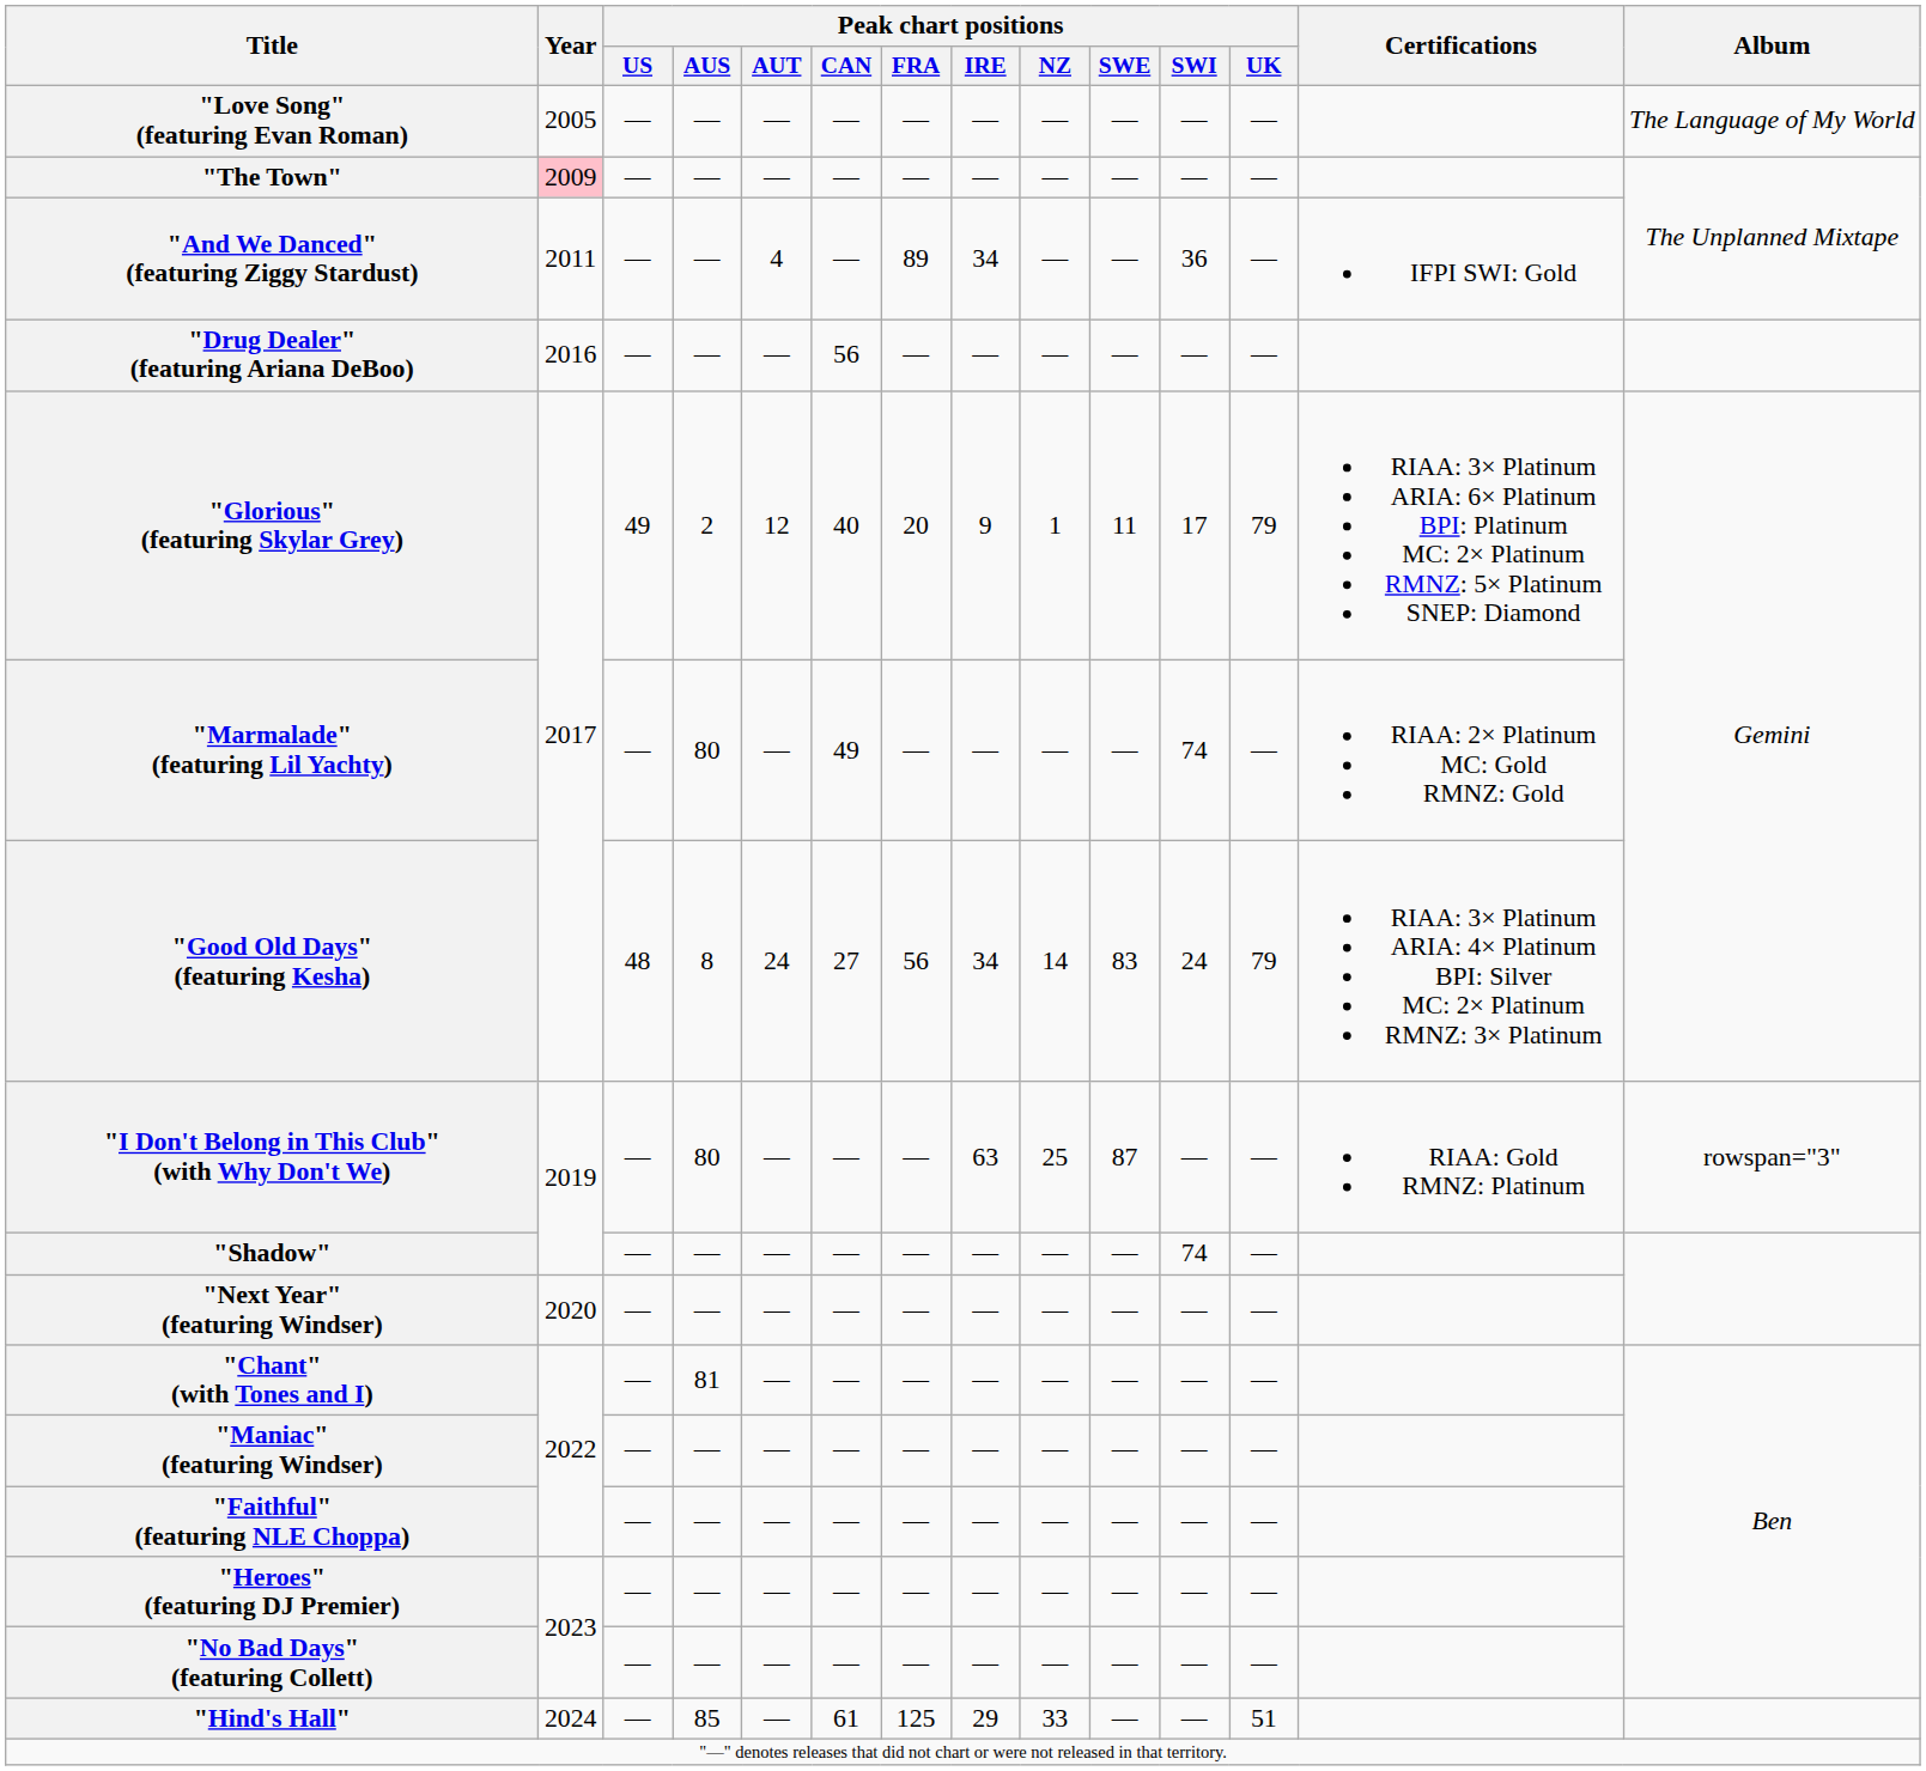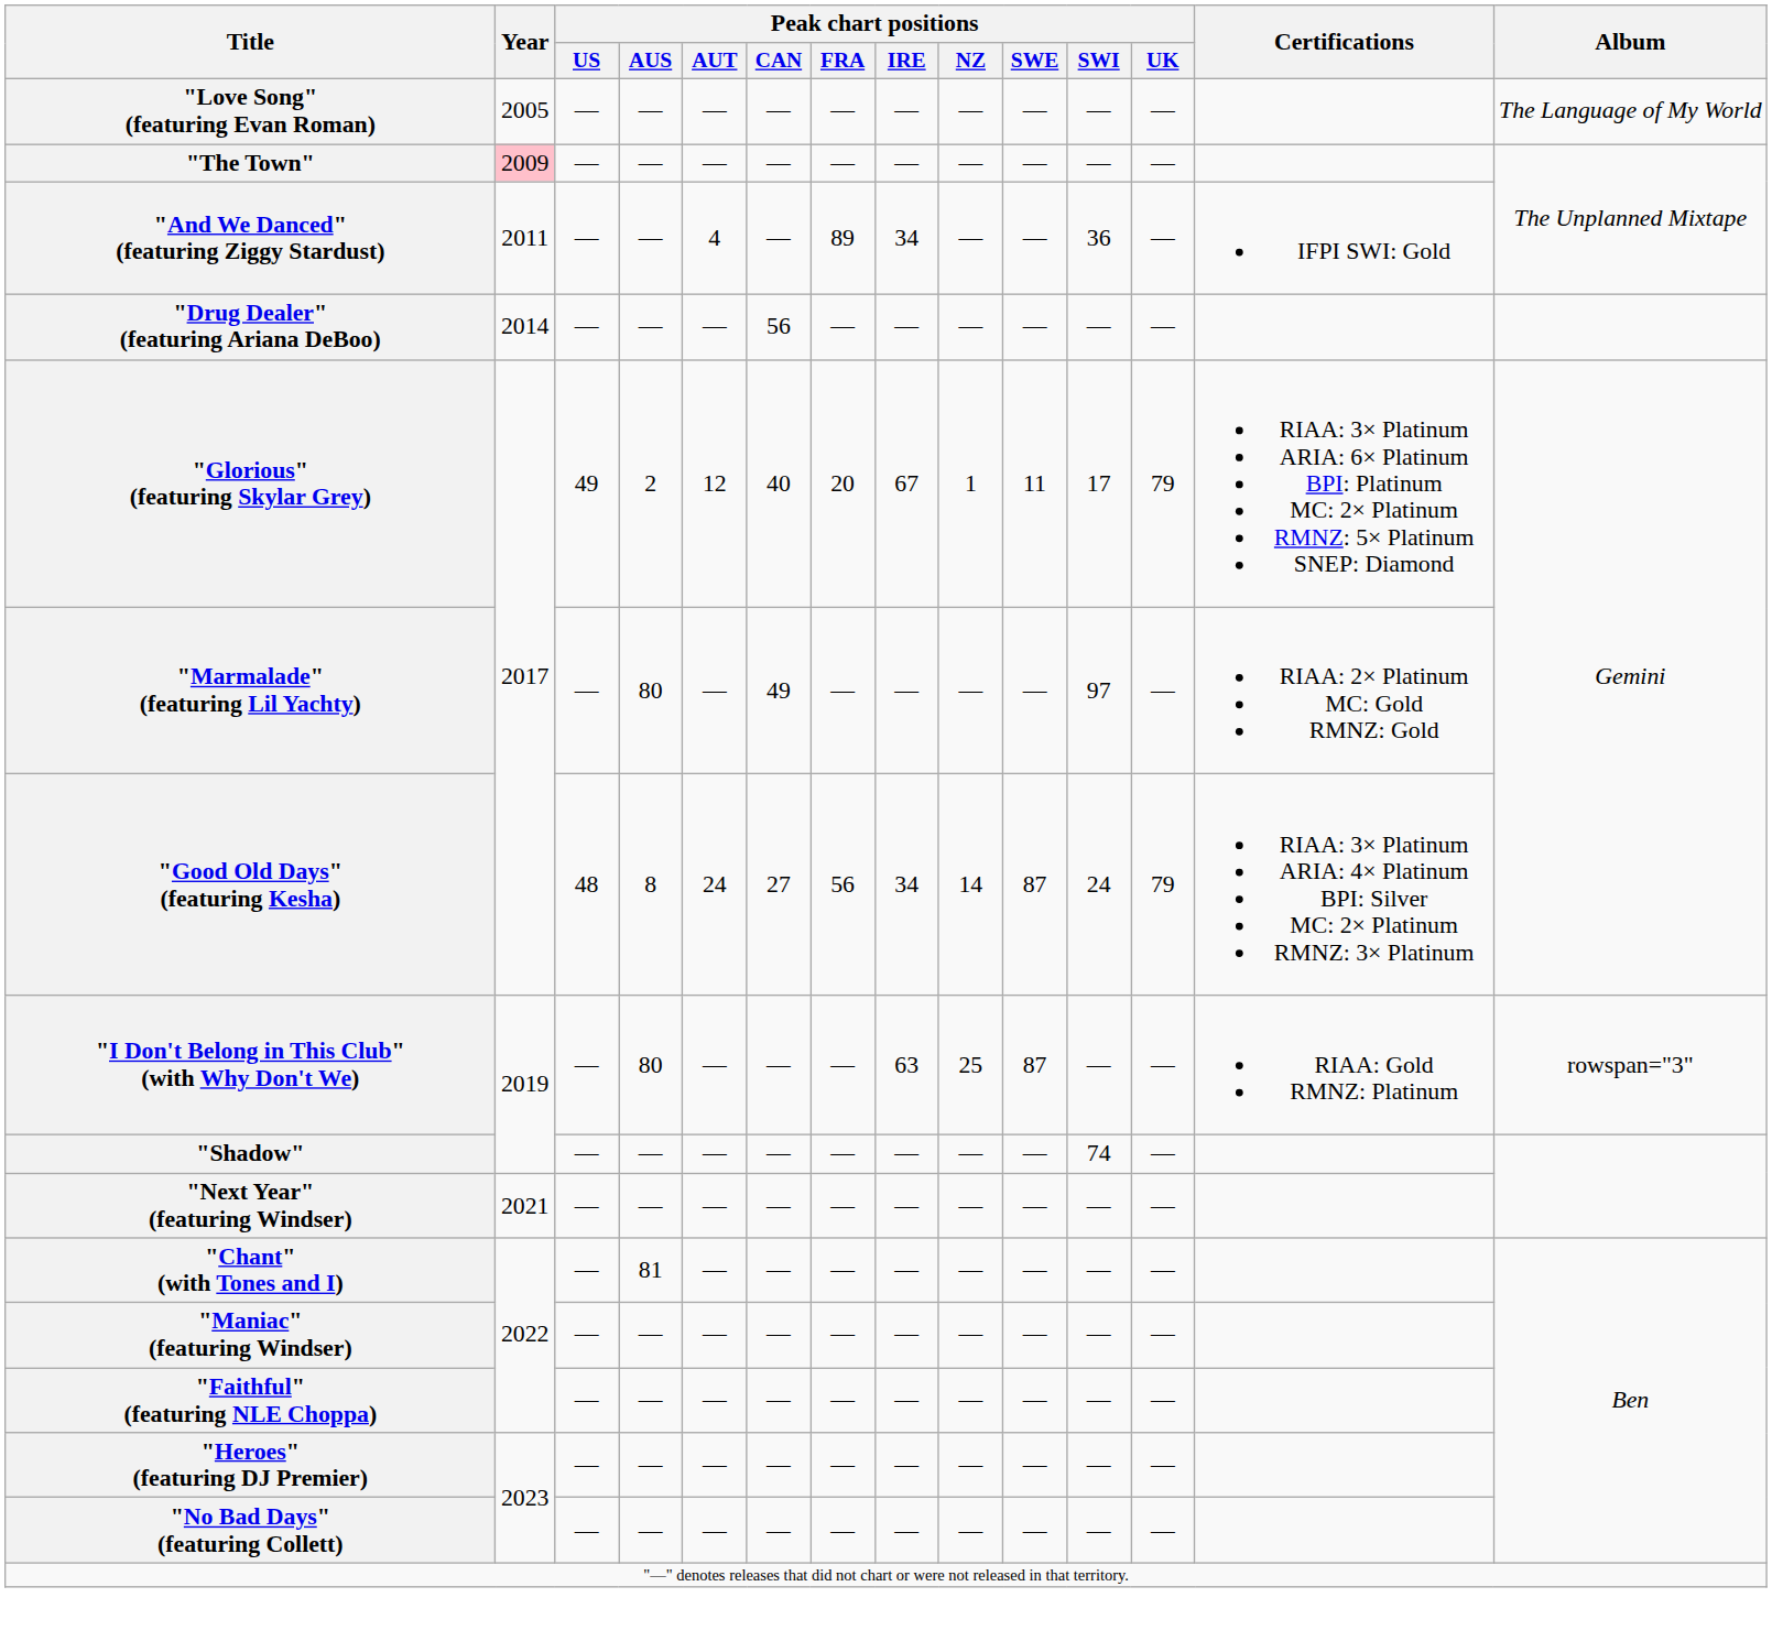 <table class="wikitable plainrowheaders" style="text-align:center;">
 <tr>
 <th scope="col" rowspan="2" style="width:20em;">Title</th>
 <th scope="col" rowspan="2">Year</th>
 <th scope="col" colspan="10">Peak chart positions</th>
 <th scope="col" rowspan="2" style="width:12em;">Certifications</th>
 <th scope="col" rowspan="2">Album</th>
 </tr>
 <tr>
 <th scope="col" style="width:2.5em;font-size:90%;"><a href='#'>US</a><br></th>
 <th scope="col" style="width:2.5em;font-size:90%;"><a href='#'>AUS</a><br></th>
 <th scope="col" style="width:2.5em;font-size:90%;"><a href='#'>AUT</a><br></th>
 <th scope="col" style="width:2.5em;font-size:90%;"><a href='#'>CAN</a><br></th>
 <th scope="col" style="width:2.5em;font-size:90%;"><a href='#'>FRA</a><br></th>
 <th scope="col" style="width:2.5em;font-size:90%;"><a href='#'>IRE</a><br></th>
 <th scope="col" style="width:2.5em;font-size:90%;"><a href='#'>NZ</a><br></th>
 <th scope="col" style="width:2.5em;font-size:90%;"><a href='#'>SWE</a><br></th>
 <th scope="col" style="width:2.5em;font-size:90%;"><a href='#'>SWI</a><br></th>
 <th scope="col" style="width:2.5em;font-size:90%;"><a href='#'>UK</a><br></th>
 </tr>
 <tr>
 <th scope="row">"Love Song"<br><span>(featuring Evan Roman)</span></th>
 <td>2005</td>
 <td>—</td>
 <td>—</td>
 <td>—</td>
 <td>—</td>
 <td>—</td>
 <td>—</td>
 <td>—</td>
 <td>—</td>
 <td>—</td>
 <td>—</td>
 <td></td>
 <td><em>The Language of My World</em></td>
 </tr>
 <tr>
 <th scope="row">"The Town"</th>
 <td style="background: pink;">2009</td>
 <td>—</td>
 <td>—</td>
 <td>—</td>
 <td>—</td>
 <td>—</td>
 <td>—</td>
 <td>—</td>
 <td>—</td>
 <td>—</td>
 <td>—</td>
 <td></td>
 <td rowspan="2"><em>The Unplanned Mixtape</em></td>
 </tr>
 <tr>
 <th scope="row">"<a href='#'>And We Danced</a>"<br><span>(featuring Ziggy Stardust)</span></th>
 <td>2011</td>
 <td>—</td>
 <td>—</td>
 <td>4</td>
 <td>—</td>
 <td>89</td>
 <td>34</td>
 <td>—</td>
 <td>—</td>
 <td>36</td>
 <td>—</td>
 <td><br><ul><li>IFPI SWI: Gold</li></ul></td>
 </tr>
 <tr>
 <th scope="row">"<a href='#'>Drug Dealer</a>"<br><span>(featuring Ariana DeBoo)</span></th>
-<td>2016</td>
+<td>2014</td>
 <td>—</td>
 <td>—</td>
 <td>—</td>
 <td>56</td>
 <td>—</td>
 <td>—</td>
 <td>—</td>
 <td>—</td>
 <td>—</td>
 <td>—</td>
 <td></td>
 <td></td>
 </tr>
 <tr>
 <th scope="row">"<a href='#'>Glorious</a>"<br><span>(featuring <a href='#'>Skylar Grey</a>)</span></th>
 <td rowspan="3">2017</td>
 <td>49</td>
 <td>2</td>
 <td>12</td>
 <td>40</td>
 <td>20</td>
-<td>9</td>
+<td>67</td>
 <td>1</td>
 <td>11</td>
 <td>17</td>
 <td>79</td>
 <td><br><ul><li>RIAA: 3× Platinum</li><li>ARIA: 6× Platinum</li><li><a href='#'>BPI</a>: Platinum</li><li>MC: 2× Platinum</li><li><a href='#'>RMNZ</a>: 5× Platinum</li><li>SNEP: Diamond</li></ul></td>
 <td rowspan="3"><em>Gemini</em></td>
 </tr>
 <tr>
 <th scope="row">"<a href='#'>Marmalade</a>"<br><span>(featuring <a href='#'>Lil Yachty</a>)</span></th>
 <td>—</td>
 <td>80</td>
 <td>—</td>
 <td>49</td>
 <td>—</td>
 <td>—</td>
 <td>—</td>
 <td>—</td>
-<td>74</td>
+<td>97</td>
 <td>—</td>
 <td><br><ul><li>RIAA: 2× Platinum</li><li>MC: Gold</li><li>RMNZ: Gold</li></ul></td>
 </tr>
 <tr>
 <th scope="row">"<a href='#'>Good Old Days</a>"<br><span>(featuring <a href='#'>Kesha</a>)</span></th>
 <td>48</td>
 <td>8</td>
 <td>24</td>
 <td>27</td>
 <td>56</td>
 <td>34</td>
 <td>14</td>
-<td>83</td>
+<td>87</td>
 <td>24</td>
 <td>79</td>
 <td><br><ul><li>RIAA: 3× Platinum</li><li>ARIA: 4× Platinum</li><li>BPI: Silver</li><li>MC: 2× Platinum</li><li>RMNZ: 3× Platinum</li></ul></td>
 </tr>
 <tr>
 <th scope="row">"<a href='#'>I Don't Belong in This Club</a>"<br><span>(with <a href='#'>Why Don't We</a>)</span></th>
 <td rowspan="2">2019</td>
 <td>—</td>
 <td>80</td>
 <td>—</td>
 <td>—</td>
 <td>—</td>
 <td>63</td>
 <td>25</td>
 <td>87</td>
 <td>—</td>
 <td>—</td>
 <td><br><ul><li>RIAA: Gold</li><li>RMNZ: Platinum</li></ul></td>
 <td>rowspan="3" </td>
 </tr>
 <tr>
 <th scope="row">"Shadow"<br></th>
 <td>—</td>
 <td>—</td>
 <td>—</td>
 <td>—</td>
 <td>—</td>
 <td>—</td>
 <td>—</td>
 <td>—</td>
 <td>74</td>
 <td>—</td>
 <td></td>
 </tr>
 <tr>
 <th scope="row">"Next Year"<br><span>(featuring Windser)</span></th>
-<td>2020</td>
+<td>2021</td>
 <td>—</td>
 <td>—</td>
 <td>—</td>
 <td>—</td>
 <td>—</td>
 <td>—</td>
 <td>—</td>
 <td>—</td>
 <td>—</td>
 <td>—</td>
 <td></td>
 </tr>
 <tr>
 <th scope="row">"<a href='#'>Chant</a>"<br><span>(with <a href='#'>Tones and I</a>)</span></th>
 <td rowspan="3">2022</td>
 <td>—</td>
 <td>81</td>
 <td>—</td>
 <td>—</td>
 <td>—</td>
 <td>—</td>
 <td>—</td>
 <td>—</td>
 <td>—</td>
 <td>—</td>
 <td></td>
 <td rowspan="5"><em>Ben</em></td>
 </tr>
 <tr>
 <th scope="row">"<a href='#'>Maniac</a>"<br><span>(featuring Windser)</span></th>
 <td>—</td>
 <td>—</td>
 <td>—</td>
 <td>—</td>
 <td>—</td>
 <td>—</td>
 <td>—</td>
 <td>—</td>
 <td>—</td>
 <td>—</td>
 <td></td>
 </tr>
 <tr>
 <th scope="row">"<a href='#'>Faithful</a>"<br><span>(featuring <a href='#'>NLE Choppa</a>)</span></th>
 <td>—</td>
 <td>—</td>
 <td>—</td>
 <td>—</td>
 <td>—</td>
 <td>—</td>
 <td>—</td>
 <td>—</td>
 <td>—</td>
 <td>—</td>
 <td></td>
 </tr>
 <tr>
 <th scope="row">"<a href='#'>Heroes</a>"<br><span>(featuring DJ Premier)</span></th>
 <td rowspan="2">2023</td>
 <td>—</td>
 <td>—</td>
 <td>—</td>
 <td>—</td>
 <td>—</td>
 <td>—</td>
 <td>—</td>
 <td>—</td>
 <td>—</td>
 <td>—</td>
 <td></td>
 </tr>
 <tr>
 <th scope="row">"<a href='#'>No Bad Days</a>"<br><span>(featuring Collett)</span></th>
 <td>—</td>
 <td>—</td>
 <td>—</td>
 <td>—</td>
 <td>—</td>
 <td>—</td>
 <td>—</td>
 <td>—</td>
 <td>—</td>
 <td>—</td>
 <td></td>
 </tr>
 <tr>
-<th scope="row">"<a href='#'>Hind's Hall</a>"</th>
-<td>2024</td>
-<td>—</td>
-<td>85</td>
-<td>—</td>
-<td>61</td>
-<td>125<br></td>
-<td>29<br></td>
-<td>33<br></td>
-<td>—</td>
-<td>—</td>
-<td>51</td>
-<td></td>
-<td></td>
-</tr>
-<tr>
 <td colspan="14" style="font-size:8pt">"—" denotes releases that did not chart or were not released in that territory.</td>
 </tr>
 </table>
